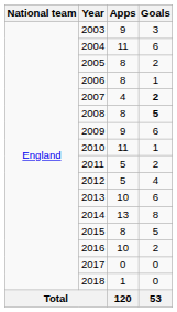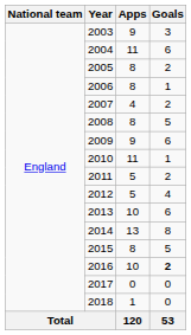 <table class="wikitable" style="text-align:center">
 <tr>
 <th>National team</th>
 <th>Year</th>
 <th>Apps</th>
 <th>Goals</th>
 </tr>
 <tr>
 <td rowspan="16"><a href='#'>England</a></td>
 <td>2003</td>
 <td>9</td>
 <td>3</td>
 </tr>
 <tr>
 <td>2004</td>
 <td>11</td>
 <td>6</td>
 </tr>
 <tr>
 <td>2005</td>
 <td>8</td>
 <td>2</td>
 </tr>
 <tr>
 <td>2006</td>
 <td>8</td>
 <td>1</td>
 </tr>
 <tr>
 <td>2007</td>
 <td>4</td>
-<td><strong>2</strong></td>
+<td>2</td>
 </tr>
 <tr>
 <td>2008</td>
 <td>8</td>
-<td><strong>5</strong></td>
+<td>5</td>
 </tr>
 <tr>
 <td>2009</td>
 <td>9</td>
 <td>6</td>
 </tr>
 <tr>
 <td>2010</td>
 <td>11</td>
 <td>1</td>
 </tr>
 <tr>
 <td>2011</td>
 <td>5</td>
 <td>2</td>
 </tr>
 <tr>
 <td>2012</td>
 <td>5</td>
 <td>4</td>
 </tr>
 <tr>
 <td>2013</td>
 <td>10</td>
 <td>6</td>
 </tr>
 <tr>
 <td>2014</td>
 <td>13</td>
 <td>8</td>
 </tr>
 <tr>
 <td>2015</td>
 <td>8</td>
 <td>5</td>
 </tr>
 <tr>
 <td>2016</td>
 <td>10</td>
-<td>2</td>
+<td><strong>2</strong></td>
 </tr>
 <tr>
 <td>2017</td>
 <td>0</td>
 <td>0</td>
 </tr>
 <tr>
 <td>2018</td>
 <td>1</td>
 <td>0</td>
 </tr>
 <tr>
 <th colspan="2">Total</th>
 <th>120</th>
 <th>53</th>
 </tr>
 </table>
